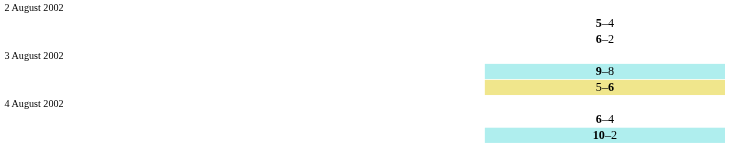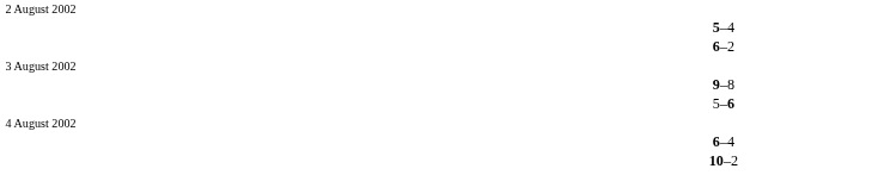 <table width=100% cellspacing=1>
 <tr>
 <th width=40%></th>
 <th width=20%></th>
 <th></th>
 </tr>
 <tr>
 <td><small>2 August 2002</small></td>
 </tr>
 <tr>
 <td align=right><strong></strong></td>
 <td align=center><strong>5</strong>–4</td>
 <td></td>
 </tr>
 <tr>
 <td align=right><strong></strong></td>
 <td align=center><strong>6</strong>–2</td>
 <td></td>
 </tr>
 <tr>
 <td><small>3 August 2002</small></td>
 </tr>
 <tr>
 <td align=right><strong></strong></td>
-<td align=center style="background: paleturquoise;"><strong>9</strong>–8</td>
+<td align=center><strong>9</strong>–8</td>
 <td></td>
 </tr>
 <tr>
 <td align=right></td>
-<td align=center style="background: khaki;">5–<strong>6</strong></td>
+<td align=center>5–<strong>6</strong></td>
 <td><strong></strong></td>
 </tr>
 <tr>
 <td><small>4 August 2002</small></td>
 </tr>
 <tr>
 <td align=right><strong></strong></td>
 <td align=center><strong>6</strong>–4</td>
 <td></td>
 </tr>
 <tr>
 <td align=right><strong></strong></td>
-<td align=center style="background: paleturquoise;"><strong>10</strong>–2</td>
+<td align=center><strong>10</strong>–2</td>
 <td></td>
 </tr>
 </table>
